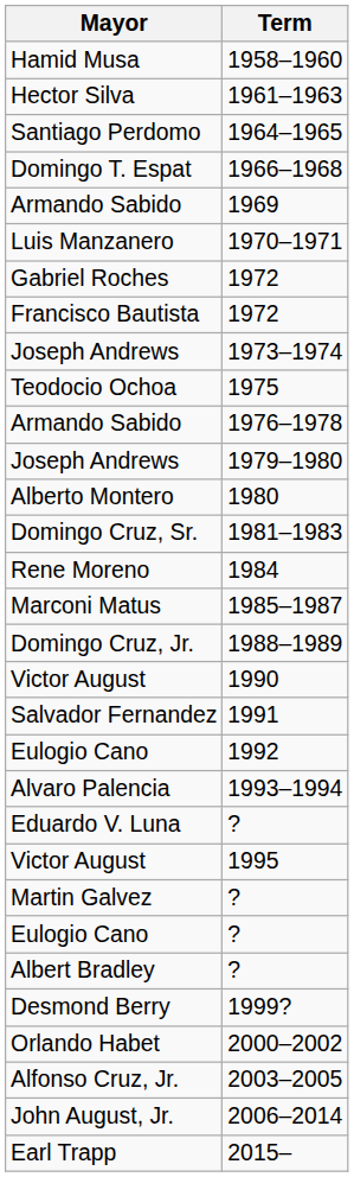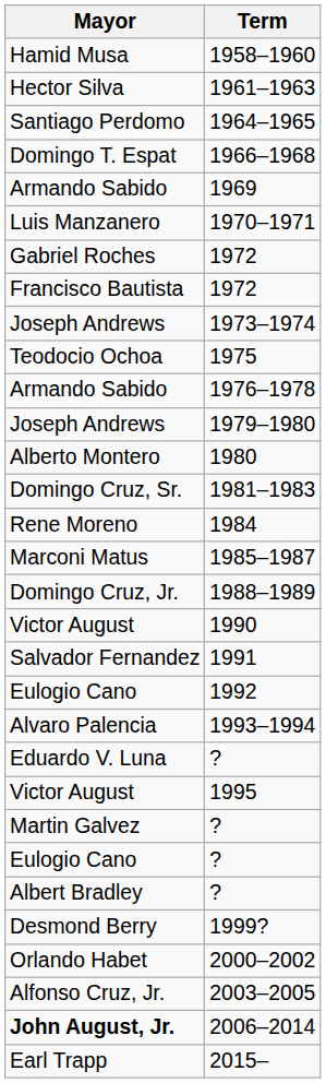 <table class="wikitable">
 <tr>
 <th>Mayor</th>
 <th>Term</th>
 </tr>
 <tr>
 <td>Hamid Musa</td>
 <td>1958–1960</td>
 </tr>
 <tr>
 <td>Hector Silva</td>
 <td>1961–1963</td>
 </tr>
 <tr>
 <td>Santiago Perdomo</td>
 <td>1964–1965</td>
 </tr>
 <tr>
 <td>Domingo T. Espat</td>
 <td>1966–1968</td>
 </tr>
 <tr>
 <td>Armando Sabido</td>
 <td>1969</td>
 </tr>
 <tr>
 <td>Luis Manzanero</td>
 <td>1970–1971</td>
 </tr>
 <tr>
 <td>Gabriel Roches</td>
 <td>1972</td>
 </tr>
 <tr>
 <td>Francisco Bautista</td>
 <td>1972</td>
 </tr>
 <tr>
 <td>Joseph Andrews</td>
 <td>1973–1974</td>
 </tr>
 <tr>
 <td>Teodocio Ochoa</td>
 <td>1975</td>
 </tr>
 <tr>
 <td>Armando Sabido</td>
 <td>1976–1978</td>
 </tr>
 <tr>
 <td>Joseph Andrews</td>
 <td>1979–1980</td>
 </tr>
 <tr>
 <td>Alberto Montero</td>
 <td>1980</td>
 </tr>
 <tr>
 <td>Domingo Cruz, Sr.</td>
 <td>1981–1983</td>
 </tr>
 <tr>
 <td>Rene Moreno</td>
 <td>1984</td>
 </tr>
 <tr>
 <td>Marconi Matus</td>
 <td>1985–1987</td>
 </tr>
 <tr>
 <td>Domingo Cruz, Jr.</td>
 <td>1988–1989</td>
 </tr>
 <tr>
 <td>Victor August</td>
 <td>1990</td>
 </tr>
 <tr>
 <td>Salvador Fernandez</td>
 <td>1991</td>
 </tr>
 <tr>
 <td>Eulogio Cano</td>
 <td>1992</td>
 </tr>
 <tr>
 <td>Alvaro Palencia</td>
 <td>1993–1994</td>
 </tr>
 <tr>
 <td>Eduardo V. Luna</td>
 <td>?</td>
 </tr>
 <tr>
 <td>Victor August</td>
 <td>1995</td>
 </tr>
 <tr>
 <td>Martin Galvez</td>
 <td>?</td>
 </tr>
 <tr>
 <td>Eulogio Cano</td>
 <td>?</td>
 </tr>
 <tr>
 <td>Albert Bradley</td>
 <td>?</td>
 </tr>
 <tr>
 <td>Desmond Berry</td>
 <td>1999?</td>
 </tr>
 <tr>
 <td>Orlando Habet</td>
 <td>2000–2002</td>
 </tr>
 <tr>
 <td>Alfonso Cruz, Jr.</td>
 <td>2003–2005</td>
 </tr>
 <tr>
-<td>John August, Jr.</td>
+<td><strong>John August, Jr.</strong></td>
 <td>2006–2014</td>
 </tr>
 <tr>
 <td>Earl Trapp</td>
 <td>2015–</td>
 </tr>
 </table>
